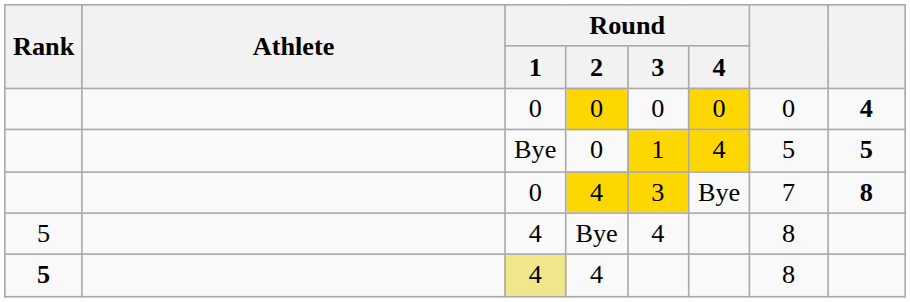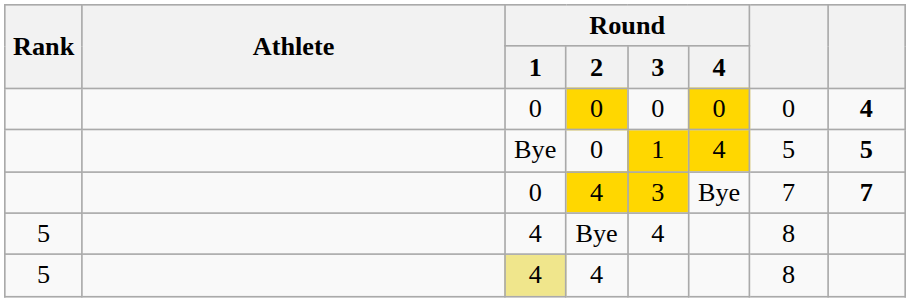 <table class="wikitable" style="text-align: center;">
 <tr>
 <th rowspan="2" width=40>Rank</th>
 <th rowspan="2" width=250>Athlete</th>
 <th colspan="4">Round</th>
 <th rowspan="2" width=40></th>
 <th rowspan="2" width=40></th>
 </tr>
 <tr>
 <th width=30>1</th>
 <th width=30>2</th>
 <th width=30>3</th>
 <th width=30>4</th>
 </tr>
 <tr>
 <td></td>
 <td align="left"></td>
 <td>0</td>
 <td bgcolor=gold>0</td>
 <td>0</td>
 <td bgcolor=gold>0</td>
 <td>0</td>
 <td><strong>4</strong></td>
 </tr>
 <tr>
 <td></td>
 <td align="left"></td>
 <td>Bye</td>
 <td>0</td>
 <td bgcolor=gold>1</td>
 <td bgcolor=gold>4</td>
 <td>5</td>
 <td><strong>5</strong></td>
 </tr>
 <tr>
 <td></td>
 <td align="left"></td>
 <td>0</td>
 <td bgcolor=gold>4</td>
 <td bgcolor=gold>3</td>
 <td>Bye</td>
 <td>7</td>
-<td><strong>8</strong></td>
+<td><strong>7</strong></td>
 </tr>
 <tr>
 <td>5</td>
 <td align="left"></td>
 <td>4</td>
 <td>Bye</td>
 <td>4</td>
 <td></td>
 <td>8</td>
 <td></td>
 </tr>
 <tr>
-<td><strong>5</strong></td>
+<td>5</td>
 <td align="left"></td>
 <td style="background: khaki;">4</td>
 <td>4</td>
 <td></td>
 <td></td>
 <td>8</td>
 <td></td>
 </tr>
 </table>
